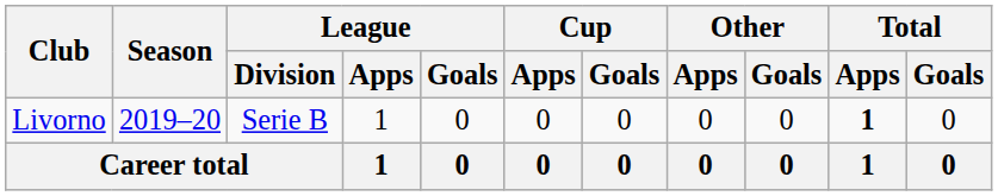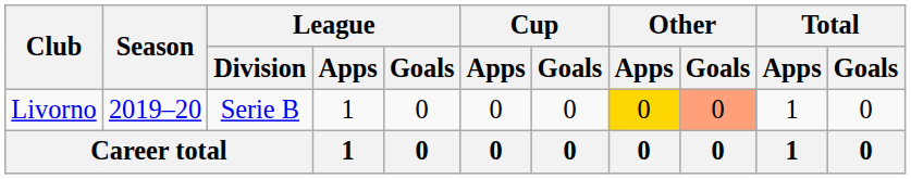 <table class="wikitable" style="text-align: center">
 <tr>
 <th rowspan="2">Club</th>
 <th rowspan="2">Season</th>
 <th colspan="3">League</th>
 <th colspan="2">Cup</th>
 <th colspan="2">Other</th>
 <th colspan="2">Total</th>
 </tr>
 <tr>
 <th>Division</th>
 <th>Apps</th>
 <th>Goals</th>
 <th>Apps</th>
 <th>Goals</th>
 <th>Apps</th>
 <th>Goals</th>
 <th>Apps</th>
 <th>Goals</th>
 </tr>
 <tr>
 <td><a href='#'>Livorno</a></td>
 <td><a href='#'>2019–20</a></td>
 <td><a href='#'>Serie B</a></td>
 <td>1</td>
 <td>0</td>
 <td>0</td>
 <td>0</td>
-<td>0</td>
-<td>0</td>
-<td><strong>1</strong></td>
+<td style="background: gold;">0</td>
+<td style="background: lightsalmon;">0</td>
+<td>1</td>
 <td>0</td>
 </tr>
 <tr>
 <th colspan="3">Career total</th>
 <th>1</th>
 <th>0</th>
 <th>0</th>
 <th>0</th>
 <th>0</th>
 <th>0</th>
 <th>1</th>
 <th>0</th>
 </tr>
 </table>
